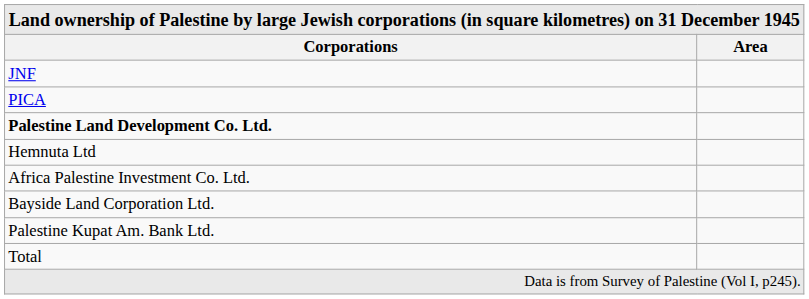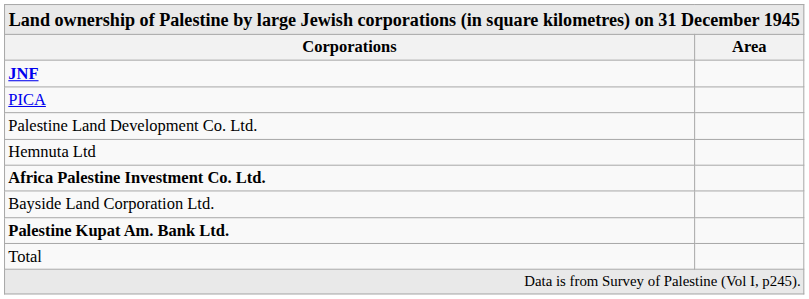 <table class="wikitable" style="text-align:right;">
 <tr style="background:#e9e9e9">
 <th colspan =7 style="background:#e9e9e9;font-size:110%;">Land ownership of Palestine by large Jewish corporations (in square kilometres) on 31 December 1945</th>
 </tr>
 <tr>
 <th>Corporations</th>
 <th>Area</th>
 </tr>
 <tr>
-<td align=left><a href='#'>JNF</a></td>
+<td align=left><strong><a href='#'>JNF</a></strong></td>
 <td></td>
 </tr>
 <tr>
 <td align=left><a href='#'>PICA</a></td>
 <td></td>
 </tr>
 <tr>
-<td align=left><strong>Palestine Land Development Co. Ltd.</strong></td>
+<td align=left>Palestine Land Development Co. Ltd.</td>
 <td></td>
 </tr>
 <tr>
 <td align=left>Hemnuta Ltd</td>
 <td></td>
 </tr>
 <tr>
-<td align=left>Africa Palestine Investment Co. Ltd.</td>
+<td align=left><strong>Africa Palestine Investment Co. Ltd.</strong></td>
 <td></td>
 </tr>
 <tr>
 <td align=left>Bayside Land Corporation Ltd.</td>
 <td></td>
 </tr>
 <tr>
-<td align=left>Palestine Kupat Am. Bank Ltd.</td>
+<td align=left><strong>Palestine Kupat Am. Bank Ltd.</strong></td>
 <td></td>
 </tr>
 <tr>
 <td align=left>Total</td>
 <td><strong></strong></td>
 </tr>
 <tr>
 <td colspan="7" style="background:#e9e9e9;font-size:90%;">Data is from Survey of Palestine (Vol I, p245).</td>
 </tr>
 </table>
